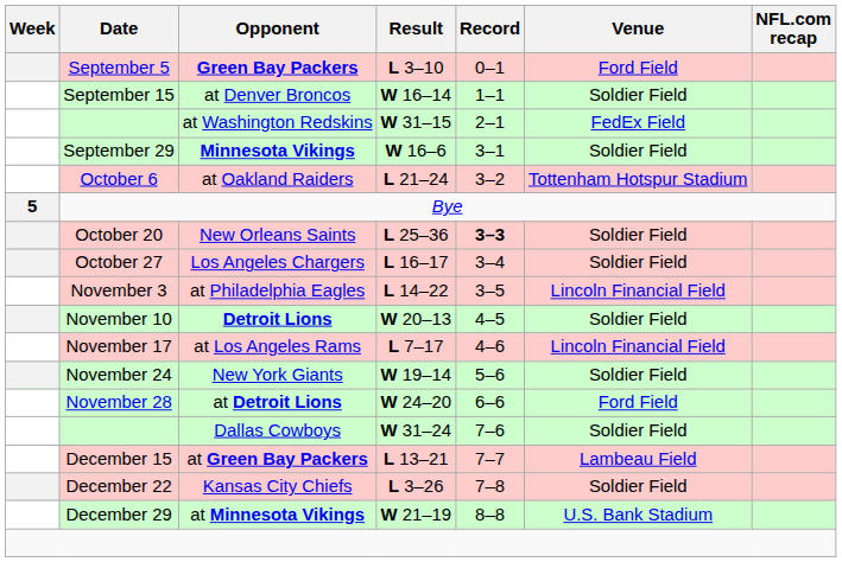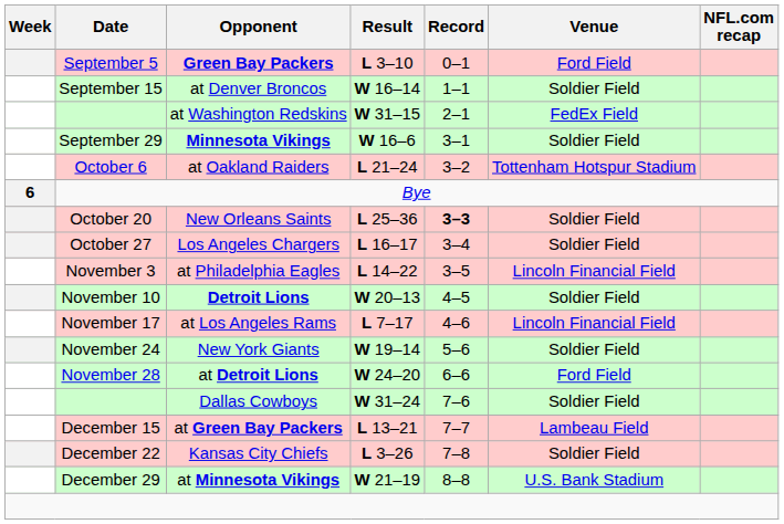 <table class="wikitable" style="text-align:center">
 <tr>
 <th>Week</th>
 <th>Date</th>
 <th>Opponent</th>
 <th>Result</th>
 <th>Record</th>
 <th>Venue</th>
 <th>NFL.com<br>recap</th>
 </tr>
 <tr style="background:#fcc">
 <th><a href='#'></a></th>
 <td><a href='#'>September 5</a></td>
 <td><strong><a href='#'>Green Bay Packers</a></strong></td>
 <td><strong>L</strong> 3–10</td>
 <td>0–1</td>
 <td><a href='#'>Ford Field</a></td>
 <td></td>
 </tr>
 <tr style="background:#cfc">
 <th style="background:white;color:#03202F"><a href='#'></a></th>
 <td>September 15</td>
 <td>at <a href='#'>Denver Broncos</a></td>
 <td><strong>W</strong> 16–14</td>
 <td>1–1</td>
 <td>Soldier Field</td>
 <td></td>
 </tr>
 <tr style="background:#cfc">
 <th style="background:white;color:#03202F"><a href='#'></a></th>
 <td></td>
 <td>at <a href='#'>Washington Redskins</a></td>
 <td><strong>W</strong> 31–15</td>
 <td>2–1</td>
 <td><a href='#'>FedEx Field</a></td>
 <td></td>
 </tr>
 <tr style="background:#cfc">
 <th style="background:white;color:#df6108"><a href='#'></a></th>
 <td>September 29</td>
 <td><strong><a href='#'>Minnesota Vikings</a></strong></td>
 <td><strong>W</strong> 16–6</td>
 <td>3–1</td>
 <td>Soldier Field</td>
 <td></td>
 </tr>
 <tr style="background:#fcc">
 <th style="background:white;color:#03202F"><a href='#'></a></th>
 <td><a href='#'>October 6</a></td>
 <td>at <a href='#'>Oakland Raiders</a></td>
 <td><strong>L</strong> 21–24</td>
 <td>3–2</td>
 <td> <a href='#'>Tottenham Hotspur Stadium</a> </td>
 <td></td>
 </tr>
 <tr>
-<th>5</th>
+<th>6</th>
 <td colspan="7"><em><a href='#'>Bye</a></em></td>
 </tr>
 <tr style="background:#fcc">
 <th><a href='#'></a></th>
 <td>October 20</td>
 <td><a href='#'>New Orleans Saints</a></td>
 <td><strong>L</strong> 25–36</td>
 <td><strong>3–3</strong></td>
 <td>Soldier Field</td>
 <td></td>
 </tr>
 <tr style="background:#fcc">
 <th><a href='#'></a></th>
 <td>October 27</td>
 <td><a href='#'>Los Angeles Chargers</a></td>
 <td><strong>L</strong> 16–17</td>
 <td>3–4</td>
 <td>Soldier Field</td>
 <td></td>
 </tr>
 <tr style="background:#fcc">
 <th style="background:white;color:#03202F"><a href='#'></a></th>
 <td>November 3</td>
 <td>at <a href='#'>Philadelphia Eagles</a></td>
 <td><strong>L</strong> 14–22</td>
 <td>3–5</td>
 <td><a href='#'>Lincoln Financial Field</a></td>
 <td></td>
 </tr>
 <tr style="background:#cfc">
 <th><a href='#'></a></th>
 <td>November 10</td>
 <td><strong><a href='#'>Detroit Lions</a></strong></td>
 <td><strong>W</strong> 20–13</td>
 <td>4–5</td>
 <td>Soldier Field</td>
 <td></td>
 </tr>
 <tr style="background:#fcc">
 <th style="background:white;color:#03202F"><a href='#'></a></th>
 <td>November 17</td>
 <td>at <a href='#'>Los Angeles Rams</a></td>
 <td><strong>L</strong> 7–17</td>
 <td>4–6</td>
 <td><a href='#'>Lincoln Financial Field</a></td>
 <td></td>
 </tr>
 <tr style="background:#cfc">
 <th><a href='#'></a></th>
 <td>November 24</td>
 <td><a href='#'>New York Giants</a></td>
 <td><strong>W</strong> 19–14</td>
 <td>5–6</td>
 <td>Soldier Field</td>
 <td></td>
 </tr>
 <tr style="background:#cfc">
 <th style="background:white;color:#03202F"><a href='#'></a></th>
 <td><a href='#'>November 28</a></td>
 <td>at <strong><a href='#'>Detroit Lions</a></strong></td>
 <td><strong>W</strong> 24–20</td>
 <td>6–6</td>
 <td><a href='#'>Ford Field</a></td>
 <td></td>
 </tr>
 <tr style="background:#cfc">
 <th style="background:white;color:#df6108"><a href='#'></a></th>
 <td></td>
 <td><a href='#'>Dallas Cowboys</a></td>
 <td><strong>W</strong> 31–24</td>
 <td>7–6</td>
 <td>Soldier Field</td>
 <td></td>
 </tr>
 <tr style="background:#fcc">
 <th style="background:white;color:#03202F"><a href='#'></a></th>
 <td>December 15</td>
 <td>at <strong><a href='#'>Green Bay Packers</a></strong></td>
 <td><strong>L</strong> 13–21</td>
 <td>7–7</td>
 <td><a href='#'>Lambeau Field</a></td>
 <td></td>
 </tr>
 <tr style="background:#fcc">
 <th><a href='#'></a></th>
 <td>December 22</td>
 <td><a href='#'>Kansas City Chiefs</a></td>
 <td><strong>L</strong> 3–26</td>
 <td>7–8</td>
 <td>Soldier Field</td>
 <td></td>
 </tr>
 <tr style="background:#cfc">
 <th style="background:white;color:#03202F"><a href='#'></a></th>
 <td>December 29</td>
 <td>at <strong><a href='#'>Minnesota Vikings</a></strong></td>
 <td><strong>W</strong> 21–19</td>
 <td>8–8</td>
 <td><a href='#'>U.S. Bank Stadium</a></td>
 <td></td>
 </tr>
 <tr>
 <td colspan="8"><br></td>
 </tr>
 </table>
